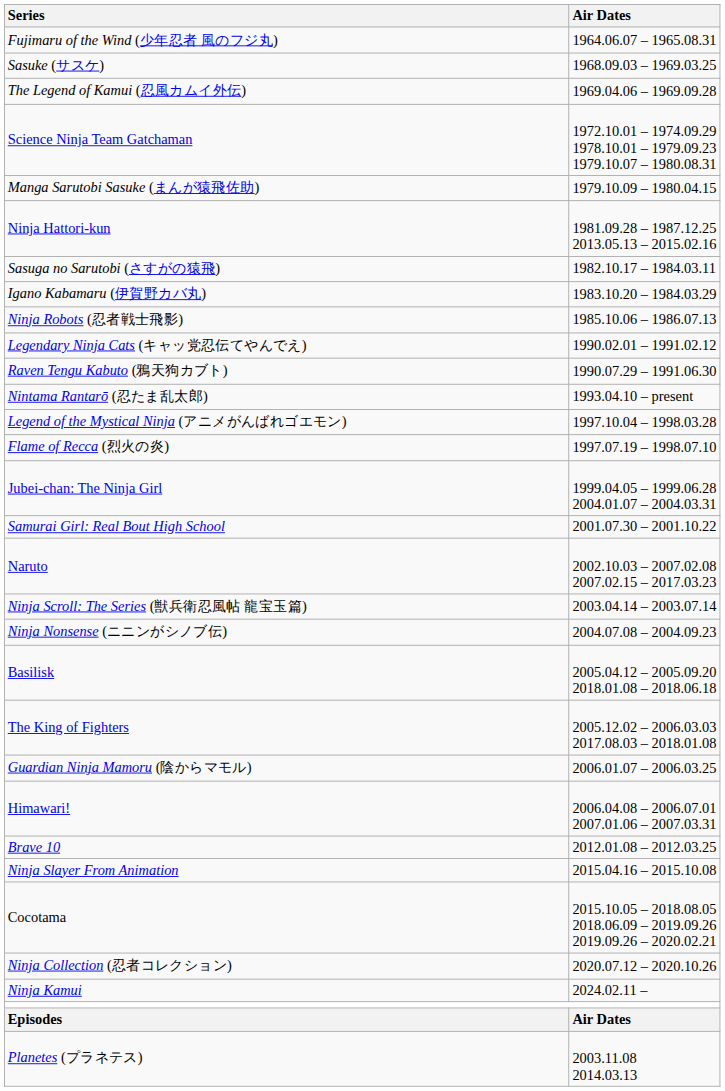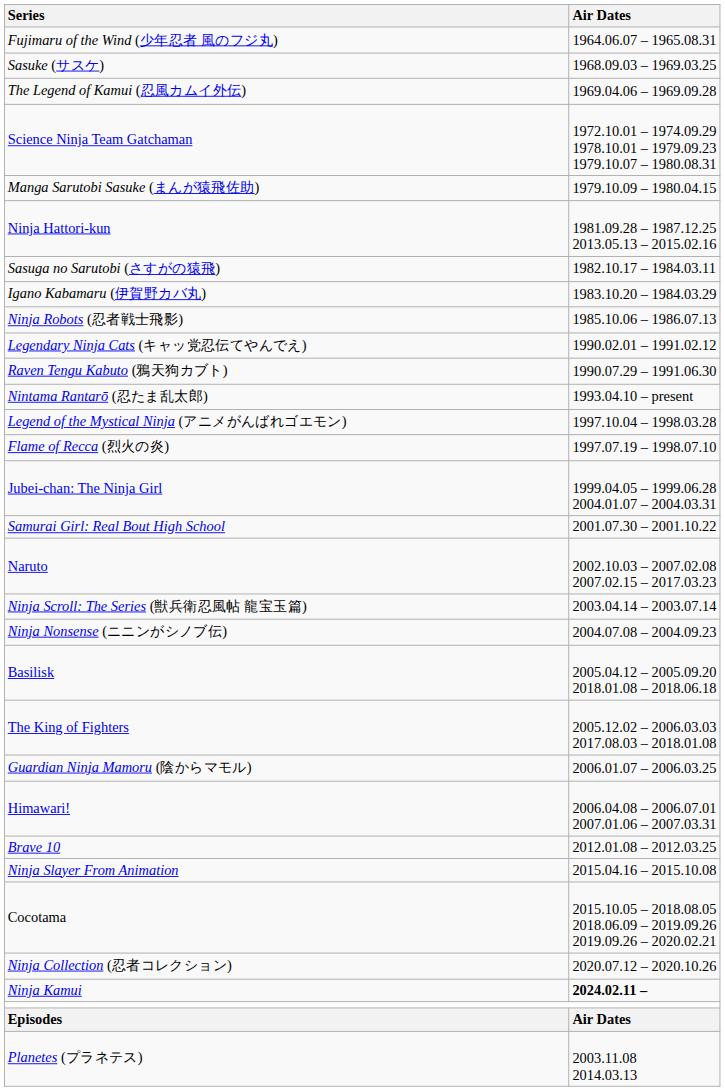 <table class="wikitable" border="1">
 <tr>
 <th width="620" style="text-align:left;">Series</th>
 <th width="160" style="text-align:left;">Air Dates</th>
 </tr>
 <tr>
 <td><em>Fujimaru of the Wind</em> (<a href='#'>少年忍者 風のフジ丸</a>)</td>
 <td>1964.06.07 – 1965.08.31</td>
 </tr>
 <tr>
 <td><em>Sasuke</em> (<a href='#'>サスケ</a>)</td>
 <td>1968.09.03 – 1969.03.25</td>
 </tr>
 <tr>
 <td><em>The Legend of Kamui</em> (<a href='#'>忍風カムイ外伝</a>)</td>
 <td>1969.04.06 – 1969.09.28</td>
 </tr>
 <tr>
 <td><a href='#'>Science Ninja Team Gatchaman</a><br></td>
 <td><br>1972.10.01 – 1974.09.29<br>1978.10.01 – 1979.09.23<br>1979.10.07 – 1980.08.31</td>
 </tr>
 <tr>
 <td><em>Manga Sarutobi Sasuke</em> (<a href='#'>まんが猿飛佐助</a>)</td>
 <td>1979.10.09 – 1980.04.15</td>
 </tr>
 <tr>
 <td><a href='#'>Ninja Hattori-kun</a><br></td>
 <td><br>1981.09.28 – 1987.12.25<br>2013.05.13 – 2015.02.16</td>
 </tr>
 <tr>
 <td><em>Sasuga no Sarutobi</em> (<a href='#'>さすがの猿飛</a>)</td>
 <td>1982.10.17 – 1984.03.11</td>
 </tr>
 <tr>
 <td><em>Igano Kabamaru</em> (<a href='#'>伊賀野カバ丸</a>)</td>
 <td>1983.10.20 – 1984.03.29</td>
 </tr>
 <tr>
 <td><em><a href='#'>Ninja Robots</a></em> (忍者戦士飛影)</td>
 <td>1985.10.06 – 1986.07.13</td>
 </tr>
 <tr>
 <td><em><a href='#'>Legendary Ninja Cats</a></em> (キャッ党忍伝てやんでえ) </td>
 <td>1990.02.01 – 1991.02.12</td>
 </tr>
 <tr>
 <td><em><a href='#'>Raven Tengu Kabuto</a></em> (鴉天狗カブト)</td>
 <td>1990.07.29 – 1991.06.30</td>
 </tr>
 <tr>
 <td><em><a href='#'>Nintama Rantarō</a></em> (忍たま乱太郎)</td>
 <td>1993.04.10 – present</td>
 </tr>
 <tr>
 <td><em><a href='#'>Legend of the Mystical Ninja</a></em> (アニメがんばれゴエモン)</td>
 <td>1997.10.04 – 1998.03.28</td>
 </tr>
 <tr>
 <td><em><a href='#'>Flame of Recca</a></em> (烈火の炎)</td>
 <td>1997.07.19 – 1998.07.10</td>
 </tr>
 <tr>
 <td><a href='#'>Jubei-chan: The Ninja Girl</a><br></td>
 <td><br>1999.04.05 – 1999.06.28<br>2004.01.07 – 2004.03.31</td>
 </tr>
 <tr>
 <td><em><a href='#'>Samurai Girl: Real Bout High School</a></em></td>
 <td>2001.07.30 – 2001.10.22</td>
 </tr>
 <tr>
 <td><a href='#'>Naruto</a><br></td>
 <td><br>2002.10.03  – 2007.02.08<br>2007.02.15  – 2017.03.23</td>
 </tr>
 <tr>
 <td><em><a href='#'>Ninja Scroll: The Series</a></em> (獣兵衛忍風帖 龍宝玉篇)</td>
 <td>2003.04.14 – 2003.07.14</td>
 </tr>
 <tr>
 <td><em><a href='#'>Ninja Nonsense</a></em> (ニニンがシノブ伝)</td>
 <td>2004.07.08 – 2004.09.23</td>
 </tr>
 <tr>
 <td><a href='#'>Basilisk</a><br></td>
 <td><br>2005.04.12 – 2005.09.20<br>2018.01.08 – 2018.06.18</td>
 </tr>
 <tr>
 <td><a href='#'>The King of Fighters</a><br></td>
 <td><br>2005.12.02 – 2006.03.03<br>2017.08.03 – 2018.01.08</td>
 </tr>
 <tr>
 <td><em><a href='#'>Guardian Ninja Mamoru</a></em> (陰からマモル)</td>
 <td>2006.01.07 – 2006.03.25</td>
 </tr>
 <tr>
 <td><a href='#'>Himawari!</a><br></td>
 <td><br>2006.04.08 – 2006.07.01<br>2007.01.06 – 2007.03.31</td>
 </tr>
 <tr>
 <td><em><a href='#'>Brave 10</a></em></td>
 <td>2012.01.08 – 2012.03.25</td>
 </tr>
 <tr>
 <td><em><a href='#'>Ninja Slayer From Animation</a></em> </td>
 <td>2015.04.16 – 2015.10.08</td>
 </tr>
 <tr>
 <td>Cocotama<br></td>
 <td><br>2015.10.05 – 2018.08.05<br>2018.06.09 – 2019.09.26<br>2019.09.26 – 2020.02.21</td>
 </tr>
 <tr>
 <td><em><a href='#'>Ninja Collection</a></em> (忍者コレクション)</td>
 <td>2020.07.12 – 2020.10.26</td>
 </tr>
 <tr>
 <td><em><a href='#'>Ninja Kamui</a></em></td>
-<td>2024.02.11 –</td>
+<td><strong>2024.02.11 –</strong></td>
 </tr>
 <tr>
 <td style="background: white" colspan="3"></td>
 </tr>
 <tr>
 <th width="620" style="text-align:left;">Episodes</th>
 <th width="160" style="text-align:left;">Air Dates</th>
 </tr>
 <tr>
 <td><em><a href='#'>Planetes</a></em> (プラネテス)<br></td>
 <td><br>2003.11.08<br>2014.03.13</td>
 </tr>
 </table>
